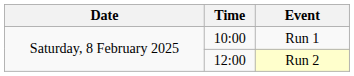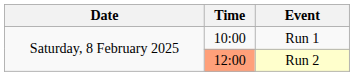 <table class = "wikitable" style="text-align:center;">
 <tr>
 <th width=220>Date</th>
 <th width=50>Time</th>
 <th width=100>Event</th>
 </tr>
 <tr>
 <td rowspan=2>Saturday, 8 February 2025</td>
 <td>10:00</td>
 <td>Run 1</td>
 </tr>
 <tr>
-<td>12:00</td>
+<td style="background: lightsalmon;">12:00</td>
 <td bgcolor=ffffcc>Run 2</td>
 </tr>
 </table>
